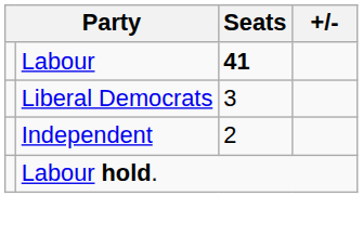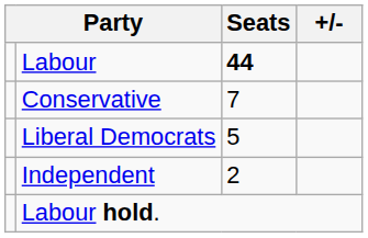 <table class="wikitable">
 <tr>
 <th colspan="2">Party</th>
 <th>Seats</th>
 <th>  +/-  </th>
 </tr>
 <tr>
 <td style="background-color: "></td>
 <td><a href='#'>Labour</a></td>
-<td><strong>41</strong></td>
+<td><strong>44</strong></td>
+<td></td>
+</tr>
+<tr>
+<td style="background-color: "></td>
+<td><a href='#'>Conservative</a></td>
+<td>7</td>
 <td></td>
 </tr>
 <tr>
 <td style="background-color: "></td>
 <td><a href='#'>Liberal Democrats</a></td>
-<td>3</td>
+<td>5</td>
 <td></td>
 </tr>
 <tr>
 <td style="background-color: "></td>
 <td><a href='#'>Independent</a></td>
 <td>2</td>
 <td></td>
 </tr>
 <tr>
 <td style="background-color: "></td>
 <td colspan="3"><a href='#'>Labour</a> <strong>hold</strong>.</td>
 </tr>
 </table>
